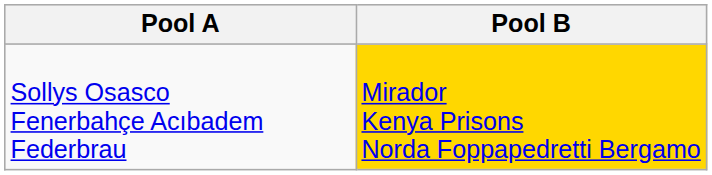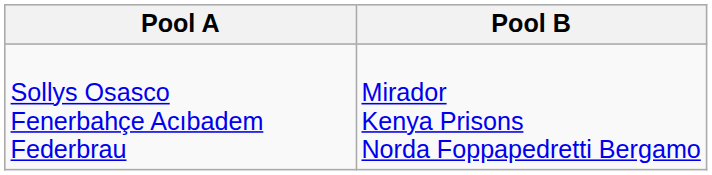 <table class="wikitable">
 <tr>
 <th width=50%>Pool A</th>
 <th width=50%>Pool B</th>
 </tr>
 <tr>
 <td><br> <a href='#'>Sollys Osasco</a><br>  <a href='#'>Fenerbahçe Acıbadem</a><br>  <a href='#'>Federbrau</a></td>
-<td style="background: gold;"><br> <a href='#'>Mirador</a><br>  <a href='#'>Kenya Prisons</a><br>  <a href='#'>Norda Foppapedretti Bergamo</a></td>
+<td><br> <a href='#'>Mirador</a><br>  <a href='#'>Kenya Prisons</a><br>  <a href='#'>Norda Foppapedretti Bergamo</a></td>
 </tr>
 </table>
